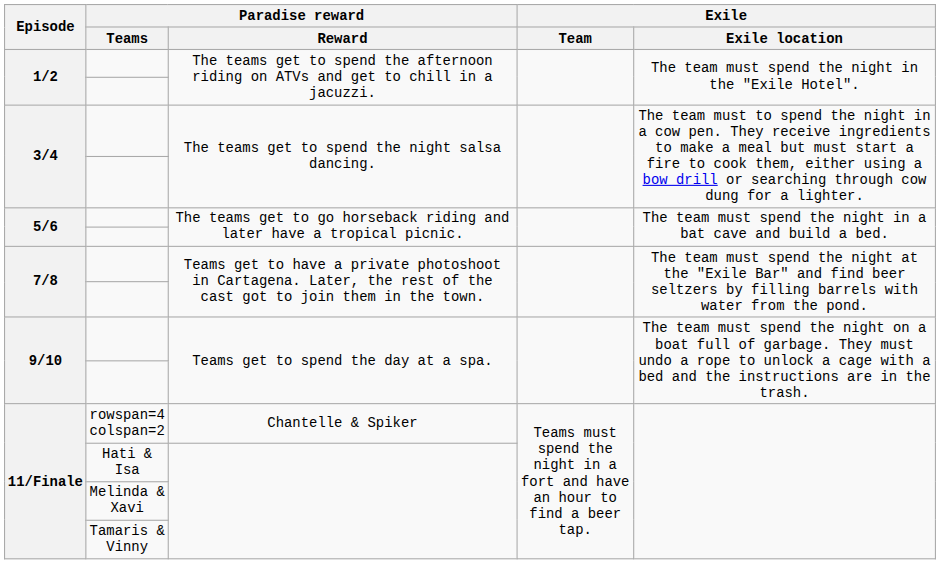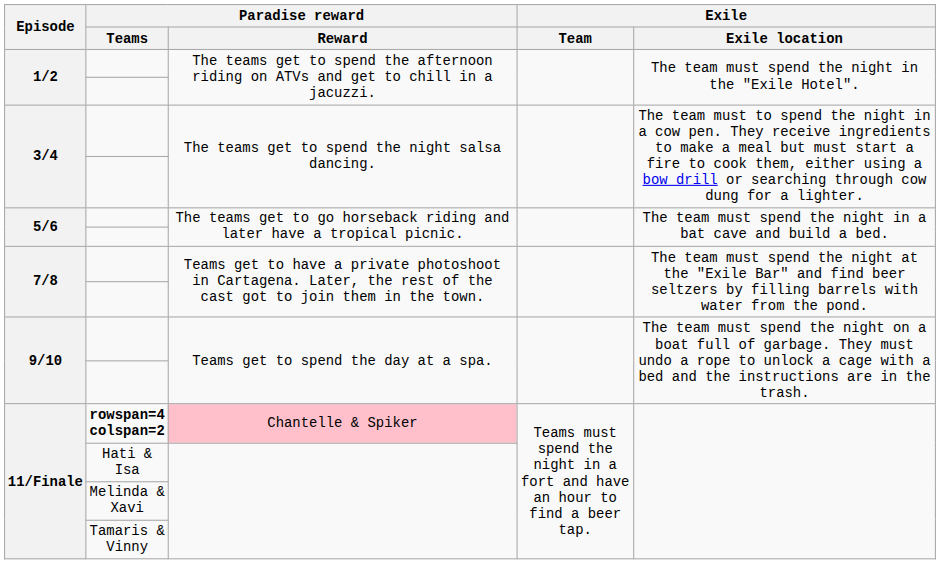 <table class="wikitable" style="text-align:center"; white-space:nowrap>
 <tr>
 <th rowspan="2">Episode</th>
 <th colspan="2" width="50%">Paradise reward</th>
 <th colspan="2" width="50%">Exile</th>
 </tr>
 <tr>
 <th>Teams</th>
 <th>Reward</th>
 <th>Team</th>
 <th>Exile location</th>
 </tr>
 <tr>
 <th rowspan="2">1/2</th>
 <td></td>
 <td rowspan="2">The teams get to spend the afternoon riding on ATVs and get to chill in a jacuzzi.</td>
 <td rowspan="2"></td>
 <td rowspan="2">The team must spend the night in the "Exile Hotel".</td>
 </tr>
 <tr>
 <td></td>
 </tr>
 <tr>
 <th rowspan="2">3/4</th>
 <td></td>
 <td rowspan="2">The teams get to spend the night salsa dancing.</td>
 <td rowspan="2"></td>
 <td rowspan="2">The team must to spend the night in a cow pen. They receive ingredients to make a meal but must start a fire to cook them, either using a <a href='#'>bow drill</a> or searching through cow dung for a lighter.</td>
 </tr>
 <tr>
 <td></td>
 </tr>
 <tr>
 <th rowspan="2">5/6</th>
 <td></td>
 <td rowspan="2">The teams get to go horseback riding and later have a tropical picnic.</td>
 <td rowspan="2"></td>
 <td rowspan="2">The team must spend the night in a bat cave and build a bed.</td>
 </tr>
 <tr>
 <td></td>
 </tr>
 <tr>
 <th rowspan="2">7/8</th>
 <td></td>
 <td rowspan="2">Teams get to have a private photoshoot in Cartagena. Later, the rest of the cast got to join them in the town.</td>
 <td rowspan="2"></td>
 <td rowspan="2">The team must spend the night at the "Exile Bar" and find beer seltzers by filling barrels with water from the pond.</td>
 </tr>
 <tr>
 <td></td>
 </tr>
 <tr>
 <th rowspan="2">9/10</th>
 <td></td>
 <td rowspan="2">Teams get to spend the day at a spa.</td>
 <td rowspan="2"></td>
 <td rowspan="2">The team must spend the night on a boat full of garbage. They must undo a rope to unlock a cage with a bed and the instructions are in the trash.</td>
 </tr>
 <tr>
 <td></td>
 </tr>
 <tr>
 <th rowspan="4">11/Finale</th>
-<td>rowspan=4 colspan=2 </td>
-<td>Chantelle & Spiker</td>
+<td><strong>rowspan=4 colspan=2 </strong></td>
+<td style="background: pink;">Chantelle & Spiker</td>
 <td rowspan=4>Teams must spend the night in a fort and have an hour to find a beer tap.</td>
 </tr>
 <tr>
 <td>Hati & Isa</td>
 </tr>
 <tr>
 <td>Melinda & Xavi</td>
 </tr>
 <tr>
 <td>Tamaris & Vinny</td>
 </tr>
 </table>
